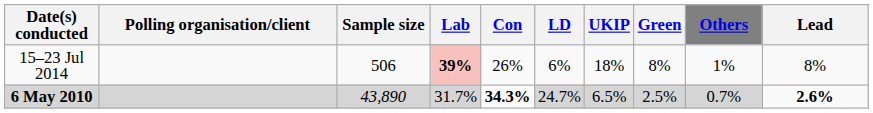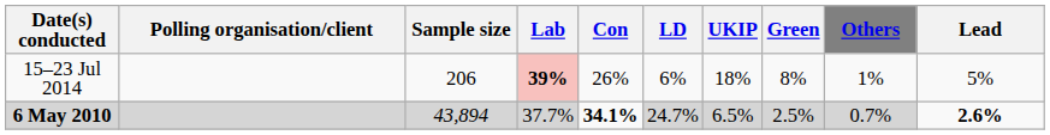 <table class="wikitable sortable" style="text-align:center;font-size:90%;line-height:14px">
 <tr>
 <th ! style="width:75px;">Date(s)<br>conducted</th>
 <th style="width:200px;">Polling organisation/client</th>
 <th class="unsortable" style="width:75px;">Sample size</th>
 <th class="unsortable" style="background:"><a href='#'><span>Lab</span></a></th>
 <th class="unsortable" style="background:"><a href='#'><span>Con</span></a></th>
 <th class="unsortable" style="background:"><a href='#'><span>LD</span></a></th>
 <th class="unsortable" style="background:"><a href='#'><span>UKIP</span></a></th>
 <th class="unsortable" style="background:"><a href='#'><span>Green</span></a></th>
 <th class="unsortable" style="background:gray; width:60px;"><a href='#'><span>Others</span></a></th>
 <th class="unsortable" style="width:85px;">Lead</th>
 </tr>
 <tr>
 <td>15–23 Jul 2014</td>
 <td></td>
-<td>506</td>
+<td>206</td>
 <td style="background:#F8C1BE"><strong>39%</strong></td>
 <td>26%</td>
 <td>6%</td>
 <td>18%</td>
 <td>8%</td>
 <td>1%</td>
-<td style="background:">8%</td>
+<td style="background:">5%</td>
 </tr>
 <tr>
 <td style="background:#D5D5D5"><strong>6 May 2010</strong></td>
 <td style="background:#D5D5D5"></td>
-<td style="background:#D5D5D5"><em>43,890</em></td>
-<td style="background:#D5D5D5">31.7%</td>
-<td style="background:"><strong>34.3%</strong></td>
+<td style="background:#D5D5D5"><em>43,894</em></td>
+<td style="background:#D5D5D5">37.7%</td>
+<td style="background:"><strong>34.1%</strong></td>
 <td style="background:#D5D5D5">24.7%</td>
 <td style="background:#D5D5D5">6.5%</td>
 <td style="background:#D5D5D5">2.5%</td>
 <td style="background:#D5D5D5">0.7%</td>
 <td style="background:"><strong>2.6% </strong></td>
 </tr>
 </table>
